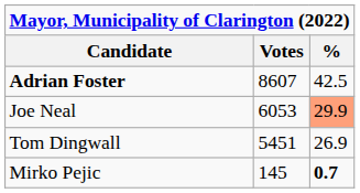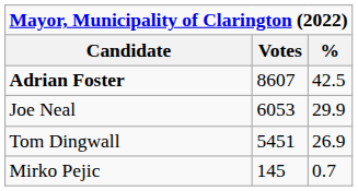 <table class="wikitable">
 <tr>
 <td Colspan="3" align="center"><strong><a href='#'>Mayor, Municipality of Clarington</a> (2022)</strong></td>
 </tr>
 <tr>
 <th bgcolor="#DDDDFF" width="200px">Candidate</th>
 <th bgcolor="#DDDDFF">Votes</th>
 <th bgcolor="#DDDDFF">%</th>
 </tr>
 <tr>
 <td><strong>Adrian Foster</strong></td>
 <td>8607</td>
 <td>42.5</td>
 </tr>
 <tr>
 <td>Joe Neal</td>
 <td>6053</td>
-<td style="background: lightsalmon;">29.9</td>
+<td>29.9</td>
 </tr>
 <tr>
 <td>Tom Dingwall</td>
 <td>5451</td>
 <td>26.9</td>
 </tr>
 <tr>
 <td>Mirko Pejic</td>
 <td>145</td>
-<td><strong>0.7</strong></td>
+<td>0.7</td>
 </tr>
 </table>
